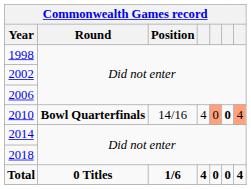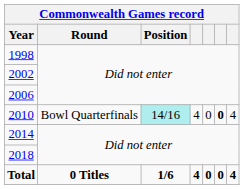 <table class="wikitable" style="text-align: center;">
 <tr>
 <th colspan=10><a href='#'>Commonwealth Games record</a></th>
 </tr>
 <tr>
 <th>Year</th>
 <th>Round</th>
 <th>Position</th>
 <th></th>
 <th></th>
 <th></th>
 <th></th>
 </tr>
 <tr>
 <td> <a href='#'>1998</a></td>
 <td colspan=6 rowspan=3><em>Did not enter</em></td>
 </tr>
 <tr>
 <td> <a href='#'>2002</a></td>
 </tr>
 <tr>
 <td> <a href='#'>2006</a></td>
 </tr>
 <tr>
 <td> <a href='#'>2010</a></td>
-<td><strong>Bowl Quarterfinals</strong></td>
-<td>14/16</td>
+<td>Bowl Quarterfinals</td>
+<td style="background: paleturquoise;">14/16</td>
 <td>4</td>
-<td style="background: lightsalmon;">0</td>
+<td>0</td>
 <td><strong>0</strong></td>
-<td style="background: lightsalmon;">4</td>
+<td>4</td>
 </tr>
 <tr>
 <td> <a href='#'>2014</a></td>
 <td colspan=6 rowspan=2><em>Did not enter</em></td>
 </tr>
 <tr>
 <td> <a href='#'>2018</a></td>
 </tr>
 <tr>
 <td colspan=1><strong>Total</strong></td>
 <td><strong>0 Titles</strong></td>
 <td><strong>1/6</strong></td>
 <td><strong>4</strong></td>
 <td><strong>0</strong></td>
 <td><strong>0</strong></td>
 <td><strong>4</strong></td>
 </tr>
 </table>
